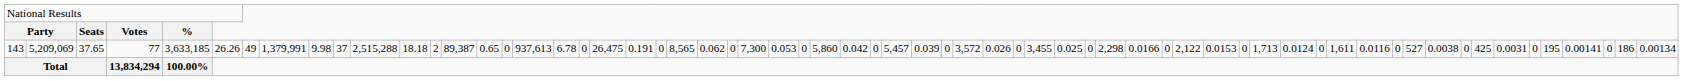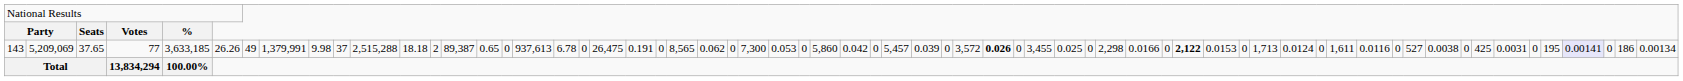 <table class="wikitable">
 <tr>
 <td colspan=6>National Results</td>
 </tr>
 <tr>
 <th colspan=2>Party</th>
 <th>Seats</th>
 <th>Votes</th>
 <th>%</th>
 </tr>
 <tr>
 <td align="right">143</td>
 <td align="right">5,209,069</td>
 <td align="right">37.65<br></td>
 <td align="right">77</td>
 <td align="right">3,633,185</td>
 <td align="right">26.26<br></td>
 <td align="right">49</td>
 <td align="right">1,379,991</td>
 <td align="right">9.98<br></td>
 <td align="right">37</td>
 <td align="right">2,515,288</td>
 <td align="right">18.18<br></td>
 <td align="right">2</td>
 <td align="right">89,387</td>
 <td align="right">0.65<br></td>
 <td align="right">0</td>
 <td align="right">937,613</td>
 <td align="right">6.78<br></td>
 <td align="right">0</td>
 <td align="right">26,475</td>
 <td align="right">0.191<br></td>
 <td align="right">0</td>
 <td align="right">8,565</td>
 <td align="right">0.062<br></td>
 <td align="right">0</td>
 <td align="right">7,300</td>
 <td align="right">0.053<br></td>
 <td align="right">0</td>
 <td align="right">5,860</td>
 <td align="right">0.042<br></td>
 <td align="right">0</td>
 <td align="right">5,457</td>
 <td align="right">0.039<br></td>
 <td align="right">0</td>
 <td align="right">3,572</td>
-<td align="right">0.026<br></td>
+<td align="right"><strong>0.026<br></strong></td>
 <td align="right">0</td>
 <td align="right">3,455</td>
 <td align="right">0.025<br></td>
 <td align="right">0</td>
 <td align="right">2,298</td>
 <td align="right">0.0166<br></td>
 <td align="right">0</td>
-<td align="right">2,122</td>
+<td align="right"><strong>2,122</strong></td>
 <td align="right">0.0153<br></td>
 <td align="right">0</td>
 <td align="right">1,713</td>
 <td align="right">0.0124<br></td>
 <td align="right">0</td>
 <td align="right">1,611</td>
 <td align="right">0.0116<br></td>
 <td align="right">0</td>
 <td align="right">527</td>
 <td align="right">0.0038<br></td>
 <td align="right">0</td>
 <td align="right">425</td>
 <td align="right">0.0031<br></td>
 <td align="right">0</td>
 <td align="right">195</td>
-<td align="right">0.00141<br></td>
+<td align="right" style="background: lavender;">0.00141<br></td>
 <td align="right">0</td>
 <td align="right">186</td>
 <td align="right">0.00134</td>
 </tr>
 <tr bgcolor="white">
 <th align="left" colspan=3>Total</th>
 <th align="right">13,834,294</th>
 <th align="right">100.00%</th>
 </tr>
 </table>
